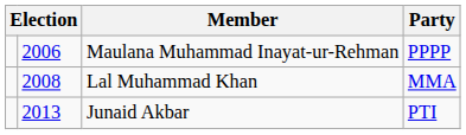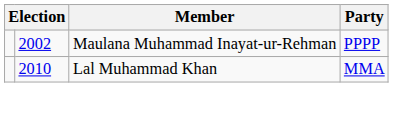 <table class="wikitable">
 <tr>
 <th colspan="2">Election</th>
 <th>Member</th>
 <th>Party</th>
 </tr>
 <tr>
 <td style="background-color: "></td>
-<td><a href='#'>2006</a></td>
+<td><a href='#'>2002</a></td>
 <td>Maulana Muhammad Inayat-ur-Rehman</td>
 <td><a href='#'>PPPP</a></td>
 </tr>
 <tr>
 <td style="background-color: "></td>
-<td><a href='#'>2008</a></td>
+<td><a href='#'>2010</a></td>
 <td>Lal Muhammad Khan</td>
 <td><a href='#'>MMA</a></td>
 </tr>
-<tr>
-<td style="background-color: "></td>
-<td><a href='#'>2013</a></td>
-<td>Junaid Akbar</td>
-<td><a href='#'>PTI</a></td>
-</tr>
 </table>
